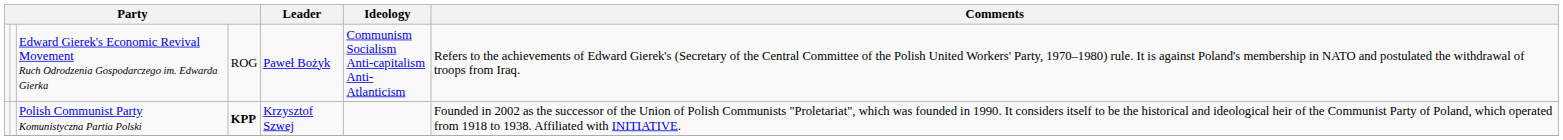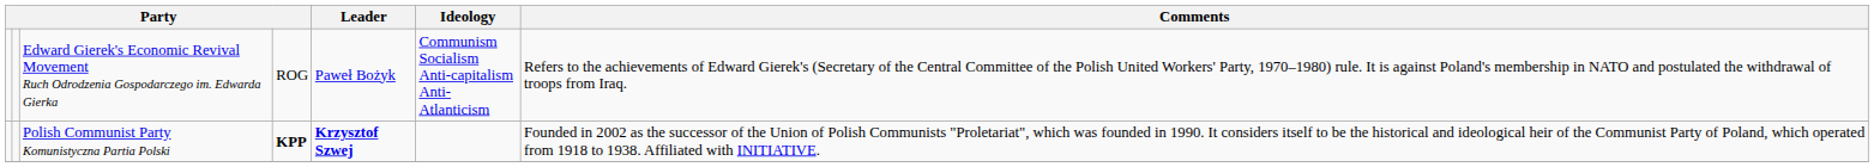 <table class="wikitable sortable">
 <tr>
 <th colspan=4>Party</th>
 <th>Leader</th>
 <th>Ideology</th>
 <th>Comments</th>
 </tr>
 <tr>
 <td></td>
 <td style="text-align:center;"></td>
 <td><a href='#'>Edward Gierek's Economic Revival Movement</a><br><small><em>Ruch Odrodzenia Gospodarczego im. Edwarda Gierka</em><br></small></td>
 <td>ROG</td>
 <td><a href='#'>Paweł Bożyk</a></td>
 <td><a href='#'>Communism</a><br><a href='#'>Socialism</a><br><a href='#'>Anti-capitalism</a><br><a href='#'>Anti-Atlanticism</a></td>
 <td>Refers to the achievements of Edward Gierek's (Secretary of the Central Committee of the Polish United Workers' Party, 1970–1980) rule. It is against Poland's membership in NATO and postulated the withdrawal of troops from Iraq.</td>
 </tr>
 <tr>
 <td></td>
 <td style="text-align:center;"></td>
 <td><a href='#'>Polish Communist Party</a><br><small><em>Komunistyczna Partia Polski</em><br></small></td>
 <td><strong>KPP</strong></td>
-<td><a href='#'>Krzysztof Szwej</a></td>
+<td><strong><a href='#'>Krzysztof Szwej</a></strong></td>
 <td></td>
 <td>Founded in 2002 as the successor of the Union of Polish Communists "Proletariat", which was founded in 1990. It considers itself to be the historical and ideological heir of the Communist Party of Poland, which operated from 1918 to 1938. Affiliated with <a href='#'>INITIATIVE</a>.</td>
 </tr>
 <tr>
 </tr>
 </table>
